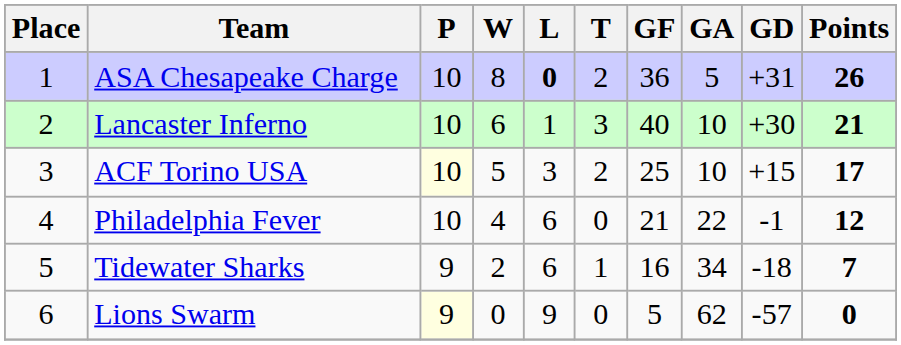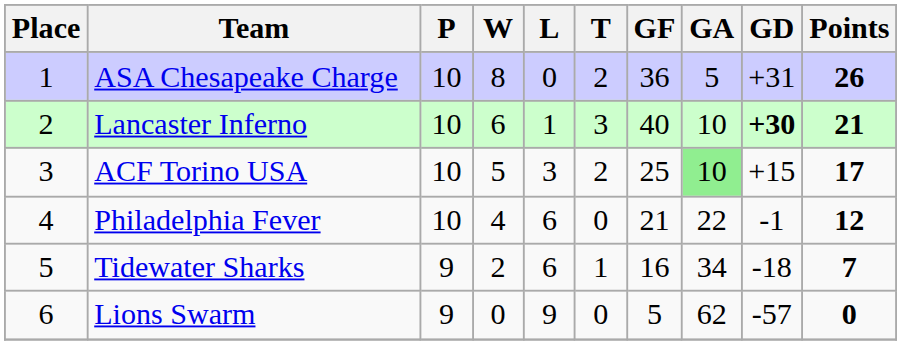 <table class="wikitable" style="text-align:center;">
 <tr>
 <th>Place</th>
 <th width="170">Team</th>
 <th width="20">P</th>
 <th width="20">W</th>
 <th width="20">L</th>
 <th width="20">T</th>
 <th width="20">GF</th>
 <th width="20">GA</th>
 <th width="25">GD</th>
 <th>Points</th>
 </tr>
 <tr bgcolor=#ccccff>
 <td>1</td>
 <td style="text-align:left;"><a href='#'>ASA Chesapeake Charge</a></td>
 <td>10</td>
 <td>8</td>
-<td><strong>0</strong></td>
+<td>0</td>
 <td>2</td>
 <td>36</td>
 <td>5</td>
 <td>+31</td>
 <td><strong>26</strong></td>
 </tr>
 <tr bgcolor=#ccffcc>
 <td>2</td>
 <td style="text-align:left;"><a href='#'>Lancaster Inferno</a></td>
 <td>10</td>
 <td>6</td>
 <td>1</td>
 <td>3</td>
 <td>40</td>
 <td>10</td>
-<td>+30</td>
+<td><strong>+30</strong></td>
 <td><strong>21</strong></td>
 </tr>
 <tr>
 <td>3</td>
 <td style="text-align:left;"><a href='#'>ACF Torino USA</a></td>
-<td style="background: lightyellow;">10</td>
+<td>10</td>
 <td>5</td>
 <td>3</td>
 <td>2</td>
 <td>25</td>
-<td>10</td>
+<td style="background: lightgreen;">10</td>
 <td>+15</td>
 <td><strong>17</strong></td>
 </tr>
 <tr>
 <td>4</td>
 <td style="text-align:left;"><a href='#'>Philadelphia Fever</a></td>
 <td>10</td>
 <td>4</td>
 <td>6</td>
 <td>0</td>
 <td>21</td>
 <td>22</td>
 <td>-1</td>
 <td><strong>12</strong></td>
 </tr>
 <tr>
 <td>5</td>
 <td style="text-align:left;"><a href='#'>Tidewater Sharks</a></td>
 <td>9</td>
 <td>2</td>
 <td>6</td>
 <td>1</td>
 <td>16</td>
 <td>34</td>
 <td>-18</td>
 <td><strong>7</strong></td>
 </tr>
 <tr>
 <td>6</td>
 <td style="text-align:left;"><a href='#'>Lions Swarm</a></td>
-<td style="background: lightyellow;">9</td>
+<td>9</td>
 <td>0</td>
 <td>9</td>
 <td>0</td>
 <td>5</td>
 <td>62</td>
 <td>-57</td>
 <td><strong>0</strong></td>
 </tr>
 <tr>
 </tr>
 </table>
